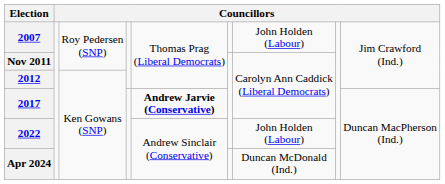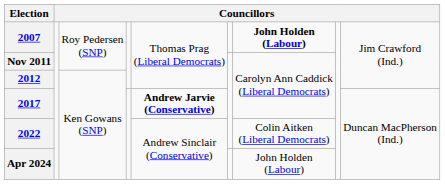 <table class="wikitable" style="text-align:center">
 <tr>
 <th>Election</th>
 <th colspan=8>Councillors</th>
 </tr>
 <tr>
 <th><a href='#'>2007</a></th>
 <td rowspan=6; style="background-color: "></td>
 <td rowspan=2>Roy Pedersen<br>(<a href='#'>SNP</a>)</td>
 <td rowspan=3; style="background-color: "></td>
 <td rowspan=3>Thomas Prag<br>(<a href='#'>Liberal Democrats</a>)</td>
 <td rowspan=1; style="background-color: "></td>
-<td rowspan=1>John Holden<br>(<a href='#'>Labour</a>)</td>
+<td rowspan=1><strong>John Holden<br>(<a href='#'>Labour</a>)</strong></td>
 <td rowspan=6; style="background-color: "></td>
 <td rowspan=3>Jim Crawford<br>(Ind.)</td>
 </tr>
 <tr>
 <th>Nov 2011</th>
 <td rowspan=4; style="background-color: "></td>
 <td rowspan=3>Carolyn Ann Caddick<br>(<a href='#'>Liberal Democrats</a>)</td>
 </tr>
 <tr>
 <th><a href='#'>2012</a></th>
 <td rowspan=4>Ken Gowans<br>(<a href='#'>SNP</a>)</td>
 </tr>
 <tr>
 <th><a href='#'>2017</a></th>
 <td rowspan=3; style="background-color: "></td>
 <td rowspan=1><strong>Andrew Jarvie<br>(<a href='#'>Conservative</a>)</strong></td>
 <td rowspan=3>Duncan MacPherson<br>(Ind.)</td>
 </tr>
 <tr>
 <th><a href='#'>2022</a></th>
 <td rowspan=2>Andrew Sinclair<br>(<a href='#'>Conservative</a>)</td>
-<td rowspan=1>John Holden<br>(<a href='#'>Labour</a>)</td>
+<td rowspan=1>Colin Aitken<br>(<a href='#'>Liberal Democrats</a>)</td>
 </tr>
 <tr>
 <th>Apr 2024</th>
 <td rowspan=1; style="background-color: "></td>
-<td rowspan=1>Duncan McDonald<br>(Ind.)</td>
+<td rowspan=1>John Holden<br>(<a href='#'>Labour</a>)</td>
 </tr>
 </table>
